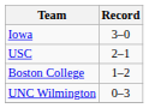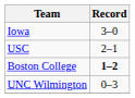 <table class="wikitable" style="text-align:center">
 <tr>
 <th>Team</th>
 <th>Record</th>
 </tr>
 <tr>
 <td align=left><a href='#'>Iowa</a></td>
 <td>3–0</td>
 </tr>
 <tr>
 <td align=left><a href='#'>USC</a></td>
 <td>2–1</td>
 </tr>
 <tr>
 <td align=left><a href='#'>Boston College</a></td>
-<td>1–2</td>
+<td><strong>1–2</strong></td>
 </tr>
 <tr>
 <td align=left><a href='#'>UNC Wilmington</a></td>
 <td>0–3</td>
 </tr>
 <tr>
 </tr>
 </table>
